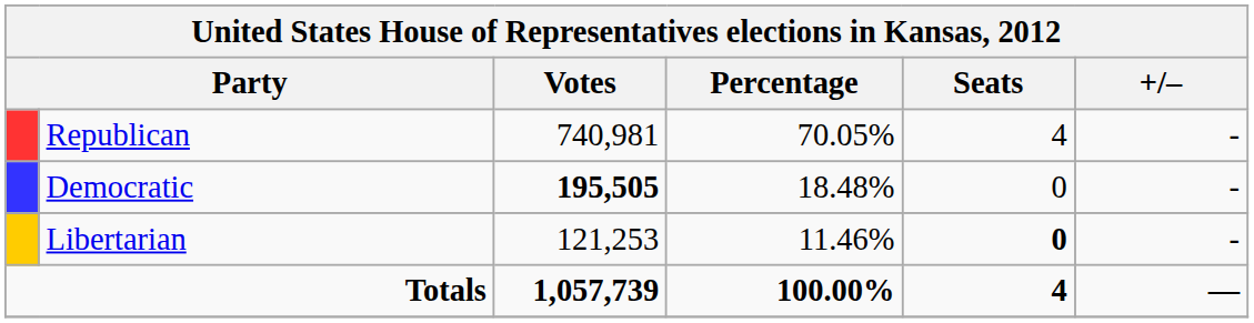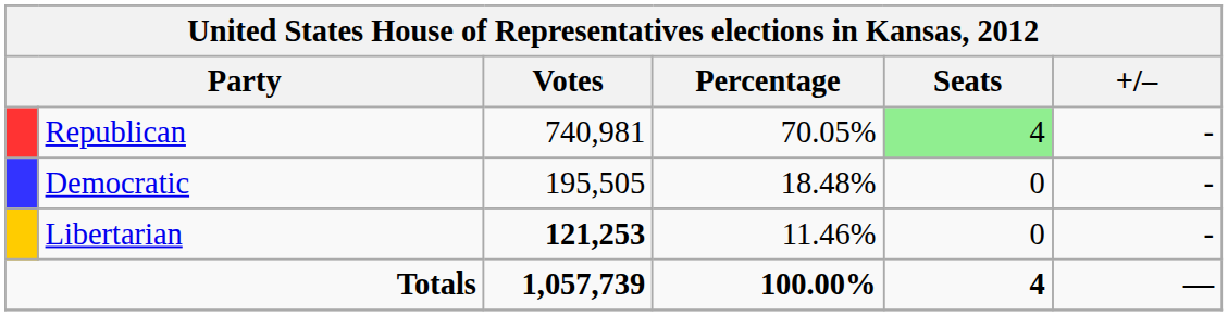 <table class="wikitable" style="font-size: 95%;">
 <tr>
 <th colspan="6">United States House of Representatives elections in Kansas, 2012</th>
 </tr>
 <tr>
 <th colspan=2 style="width: 15em">Party</th>
 <th style="width: 5em">Votes</th>
 <th style="width: 7em">Percentage</th>
 <th style="width: 5em">Seats</th>
 <th style="width: 5em">+/–</th>
 </tr>
 <tr>
 <th style="background-color:#FF3333; width: 3px"></th>
 <td style="width: 130px"><a href='#'>Republican</a></td>
 <td align="right">740,981</td>
 <td align="right">70.05%</td>
-<td align="right">4</td>
+<td align="right" style="background: lightgreen;">4</td>
 <td align="right">-</td>
 </tr>
 <tr>
 <th style="background-color:#3333FF; width: 3px"></th>
 <td style="width: 130px"><a href='#'>Democratic</a></td>
-<td align="right"><strong>195,505</strong></td>
+<td align="right">195,505</td>
 <td align="right">18.48%</td>
 <td align="right">0</td>
 <td align="right">-</td>
 </tr>
 <tr>
 <th style="background-color:#FFCC00; width: 3px"></th>
 <td style="width: 130px"><a href='#'>Libertarian</a></td>
-<td align="right">121,253</td>
+<td align="right"><strong>121,253</strong></td>
 <td align="right">11.46%</td>
-<td align="right"><strong>0</strong></td>
+<td align="right">0</td>
 <td align="right">-</td>
 </tr>
 <tr>
 <td colspan="2" align="right"><strong>Totals</strong></td>
 <td align="right"><strong>1,057,739</strong></td>
 <td align="right"><strong>100.00%</strong></td>
 <td align="right"><strong>4</strong></td>
 <td align="right"><strong>—</strong></td>
 </tr>
 <tr bgcolor="#EEEEEE">
 </tr>
 </table>
